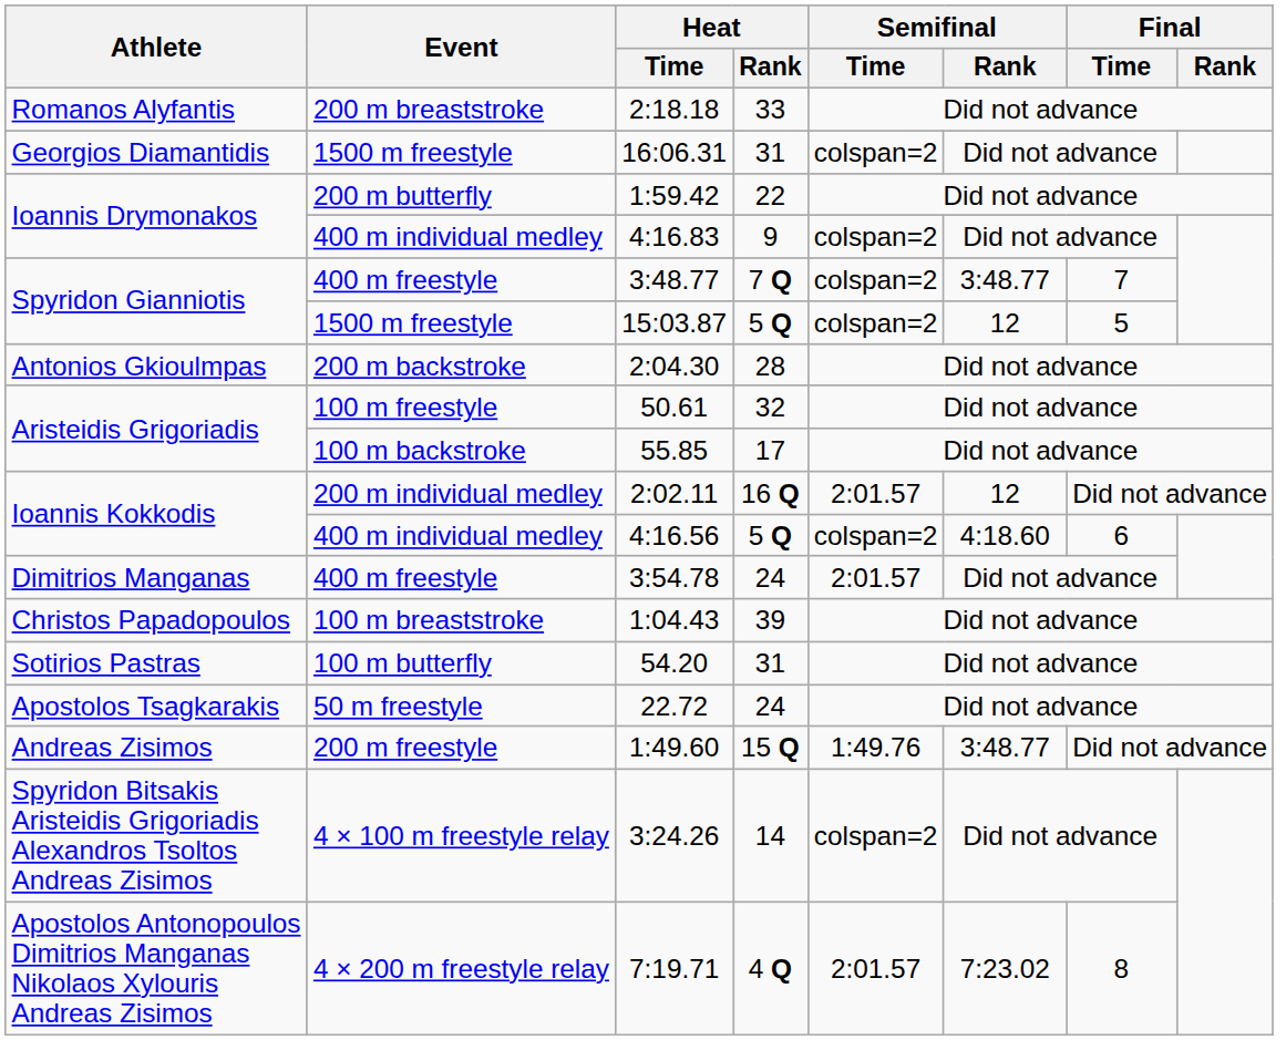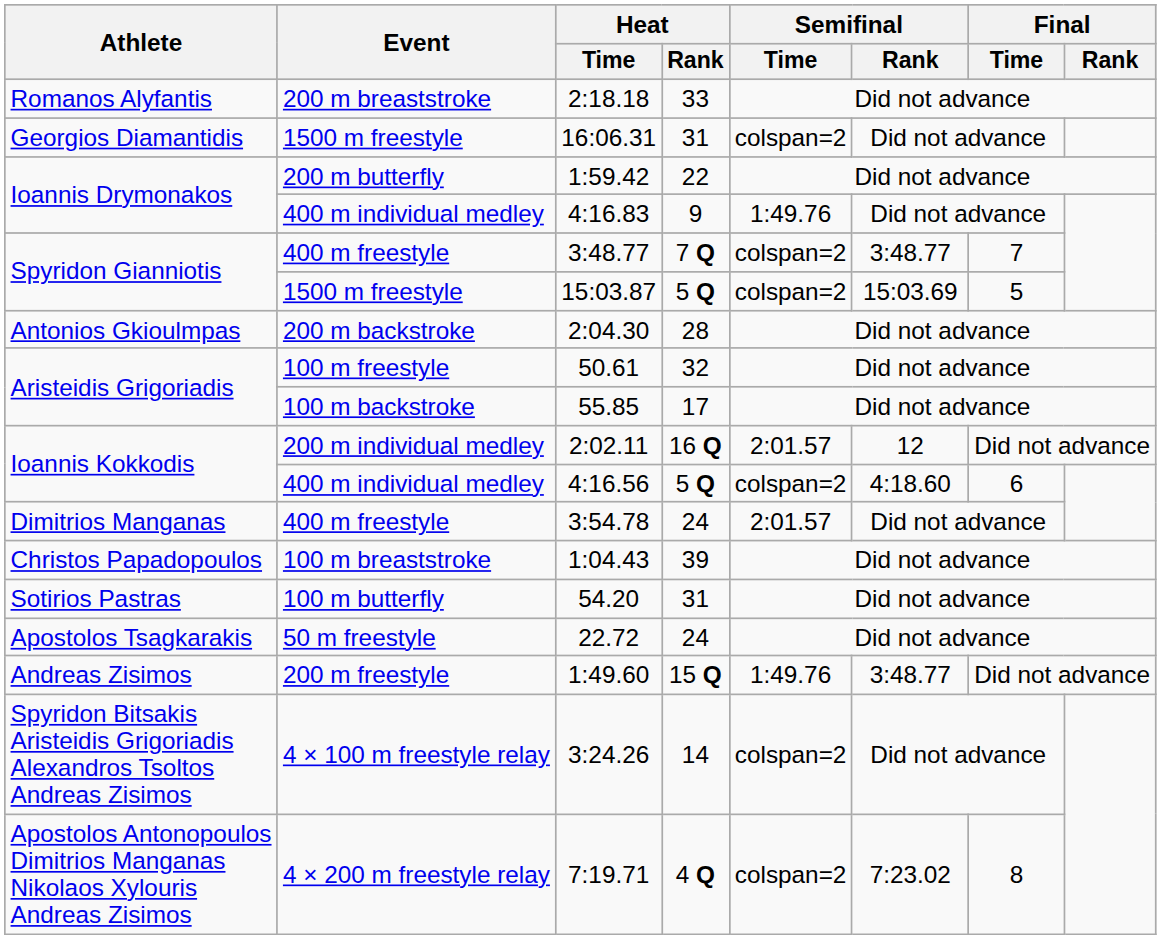 <table class=wikitable style="font-size:90%">
 <tr>
 <th rowspan="2">Athlete</th>
 <th rowspan="2">Event</th>
 <th colspan="2">Heat</th>
 <th colspan="2">Semifinal</th>
 <th colspan="2">Final</th>
 </tr>
 <tr style="font-size:95%">
 <th>Time</th>
 <th>Rank</th>
 <th>Time</th>
 <th>Rank</th>
 <th>Time</th>
 <th>Rank</th>
 </tr>
 <tr align=center>
 <td align=left><a href='#'>Romanos Alyfantis</a></td>
 <td align=left><a href='#'>200 m breaststroke</a></td>
 <td>2:18.18</td>
 <td>33</td>
 <td colspan=4>Did not advance</td>
 </tr>
 <tr align=center>
 <td align=left><a href='#'>Georgios Diamantidis</a></td>
 <td align=left><a href='#'>1500 m freestyle</a></td>
 <td>16:06.31</td>
 <td>31</td>
 <td>colspan=2 </td>
 <td colspan=2>Did not advance</td>
 </tr>
 <tr align=center>
 <td align=left rowspan=2><a href='#'>Ioannis Drymonakos</a></td>
 <td align=left><a href='#'>200 m butterfly</a></td>
 <td>1:59.42</td>
 <td>22</td>
 <td colspan=4>Did not advance</td>
 </tr>
 <tr align=center>
 <td align=left><a href='#'>400 m individual medley</a></td>
 <td>4:16.83</td>
 <td>9</td>
-<td>colspan=2 </td>
+<td>1:49.76</td>
 <td colspan=2>Did not advance</td>
 </tr>
 <tr align=center>
 <td align=left rowspan=2><a href='#'>Spyridon Gianniotis</a></td>
 <td align=left><a href='#'>400 m freestyle</a></td>
 <td>3:48.77</td>
 <td>7 <strong>Q</strong></td>
 <td>colspan=2 </td>
 <td>3:48.77</td>
 <td>7</td>
 </tr>
 <tr align=center>
 <td align=left><a href='#'>1500 m freestyle</a></td>
 <td>15:03.87</td>
 <td>5 <strong>Q</strong></td>
 <td>colspan=2 </td>
-<td>12</td>
+<td>15:03.69</td>
 <td>5</td>
 </tr>
 <tr align=center>
 <td align=left><a href='#'>Antonios Gkioulmpas</a></td>
 <td align=left><a href='#'>200 m backstroke</a></td>
 <td>2:04.30</td>
 <td>28</td>
 <td colspan=4>Did not advance</td>
 </tr>
 <tr align=center>
 <td align=left rowspan=2><a href='#'>Aristeidis Grigoriadis</a></td>
 <td align=left><a href='#'>100 m freestyle</a></td>
 <td>50.61</td>
 <td>32</td>
 <td colspan=4>Did not advance</td>
 </tr>
 <tr align=center>
 <td align=left><a href='#'>100 m backstroke</a></td>
 <td>55.85</td>
 <td>17</td>
 <td colspan=4>Did not advance</td>
 </tr>
 <tr align=center>
 <td align=left rowspan=2><a href='#'>Ioannis Kokkodis</a></td>
 <td align=left><a href='#'>200 m individual medley</a></td>
 <td>2:02.11</td>
 <td>16 <strong>Q</strong></td>
 <td>2:01.57</td>
 <td>12</td>
 <td colspan=2>Did not advance</td>
 </tr>
 <tr align=center>
 <td align=left><a href='#'>400 m individual medley</a></td>
 <td>4:16.56</td>
 <td>5 <strong>Q</strong></td>
 <td>colspan=2 </td>
 <td>4:18.60</td>
 <td>6</td>
 </tr>
 <tr align=center>
 <td align=left><a href='#'>Dimitrios Manganas</a></td>
 <td align=left><a href='#'>400 m freestyle</a></td>
 <td>3:54.78</td>
 <td>24</td>
 <td>2:01.57</td>
 <td colspan=2>Did not advance</td>
 </tr>
 <tr align=center>
 <td align=left><a href='#'>Christos Papadopoulos</a></td>
 <td align=left><a href='#'>100 m breaststroke</a></td>
 <td>1:04.43</td>
 <td>39</td>
 <td colspan=4>Did not advance</td>
 </tr>
 <tr align=center>
 <td align=left><a href='#'>Sotirios Pastras</a></td>
 <td align=left><a href='#'>100 m butterfly</a></td>
 <td>54.20</td>
 <td>31</td>
 <td colspan=4>Did not advance</td>
 </tr>
 <tr align=center>
 <td align=left><a href='#'>Apostolos Tsagkarakis</a></td>
 <td align=left><a href='#'>50 m freestyle</a></td>
 <td>22.72</td>
 <td>24</td>
 <td colspan=4>Did not advance</td>
 </tr>
 <tr align=center>
 <td align=left><a href='#'>Andreas Zisimos</a></td>
 <td align=left><a href='#'>200 m freestyle</a></td>
 <td>1:49.60</td>
 <td>15 <strong>Q</strong></td>
 <td>1:49.76</td>
 <td>3:48.77</td>
 <td colspan=2>Did not advance</td>
 </tr>
 <tr align=center>
 <td align=left><a href='#'>Spyridon Bitsakis</a><br><a href='#'>Aristeidis Grigoriadis</a><br><a href='#'>Alexandros Tsoltos</a><br><a href='#'>Andreas Zisimos</a></td>
 <td align=left><a href='#'>4 × 100 m freestyle relay</a></td>
 <td>3:24.26</td>
 <td>14</td>
 <td>colspan=2 </td>
 <td colspan=2>Did not advance</td>
 </tr>
 <tr align=center>
 <td align=left><a href='#'>Apostolos Antonopoulos</a><br><a href='#'>Dimitrios Manganas</a><br><a href='#'>Nikolaos Xylouris</a><br><a href='#'>Andreas Zisimos</a></td>
 <td align=left><a href='#'>4 × 200 m freestyle relay</a></td>
 <td>7:19.71</td>
 <td>4 <strong>Q</strong></td>
-<td>2:01.57</td>
+<td>colspan=2 </td>
 <td>7:23.02</td>
 <td>8</td>
 </tr>
 </table>
